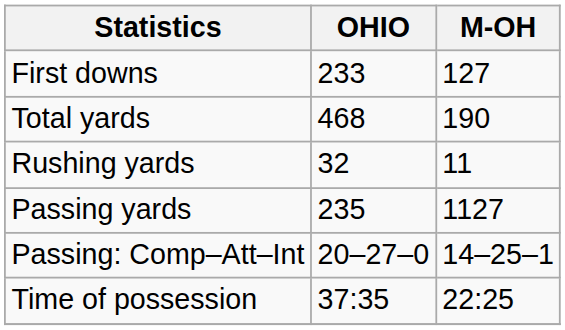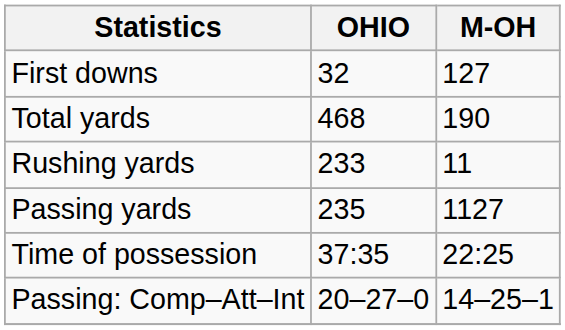 <table class="wikitable" style="float: left;">
 <tr>
 <th>Statistics</th>
 <th>OHIO</th>
 <th>M-OH</th>
 </tr>
 <tr>
 <td>First downs</td>
-<td>233</td>
+<td>32</td>
 <td>127</td>
 </tr>
 <tr>
 <td>Total yards</td>
 <td>468</td>
 <td>190</td>
 </tr>
 <tr>
 <td>Rushing yards</td>
-<td>32</td>
+<td>233</td>
 <td>11</td>
 </tr>
 <tr>
 <td>Passing yards</td>
 <td>235</td>
 <td>1127</td>
 </tr>
 <tr>
+<td>Time of possession</td>
+<td>37:35</td>
+<td>22:25</td>
+</tr>
+<tr>
 <td>Passing: Comp–Att–Int</td>
 <td>20–27–0</td>
 <td>14–25–1</td>
 </tr>
 <tr>
-<td>Time of possession</td>
-<td>37:35</td>
-<td>22:25</td>
-</tr>
-<tr>
 </tr>
 </table>
